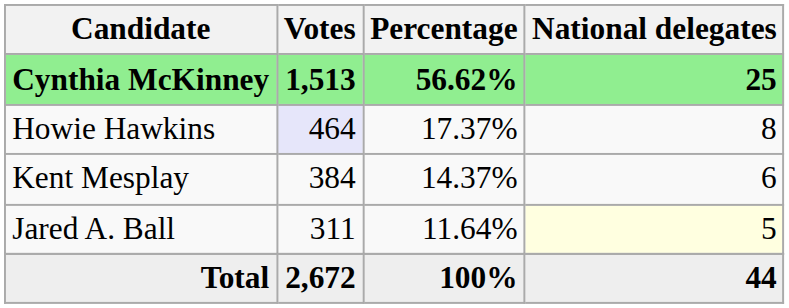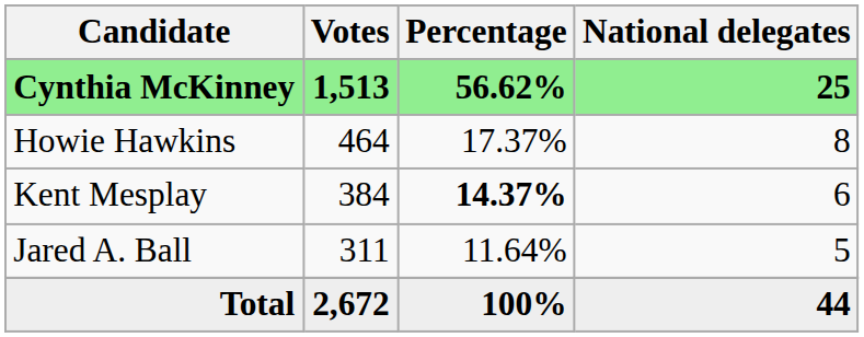 <table class="wikitable" style="text-align:right;">
 <tr>
 <th>Candidate</th>
 <th>Votes</th>
 <th>Percentage</th>
 <th>National delegates</th>
 </tr>
 <tr style="background:lightgreen;">
 <td style="text-align:left;"><strong>Cynthia McKinney</strong></td>
 <td><strong>1,513</strong></td>
 <td><strong>56.62%</strong></td>
 <td><strong>25</strong></td>
 </tr>
 <tr>
 <td style="text-align:left;">Howie Hawkins</td>
-<td style="background: lavender;">464</td>
+<td>464</td>
 <td>17.37%</td>
 <td>8</td>
 </tr>
 <tr>
 <td style="text-align:left;">Kent Mesplay</td>
 <td>384</td>
-<td>14.37%</td>
+<td><strong>14.37%</strong></td>
 <td>6</td>
 </tr>
 <tr>
 <td style="text-align:left;">Jared A. Ball</td>
 <td>311</td>
 <td>11.64%</td>
-<td style="background: lightyellow;">5</td>
+<td>5</td>
 </tr>
 <tr>
 </tr>
 <tr style="background:#eee;">
 <td style="margin-right:0.50px"><strong>Total</strong></td>
 <td style="margin-right:0.50px"><strong>2,672</strong></td>
 <td style="margin-right:0.50px"><strong>100%</strong></td>
 <td style="margin-right:0.50px"><strong>44</strong></td>
 </tr>
 </table>
